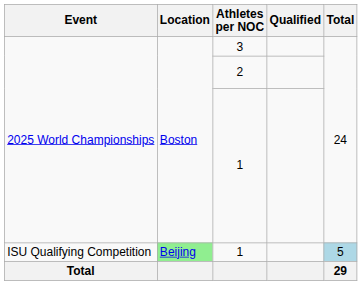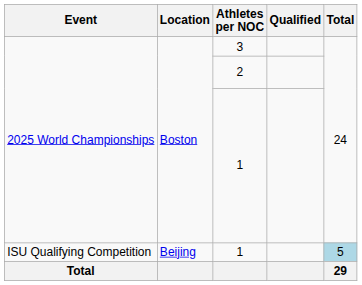 <table class="wikitable">
 <tr>
 <th>Event</th>
 <th>Location</th>
 <th>Athletes <br> per NOC</th>
 <th>Qualified</th>
 <th>Total</th>
 </tr>
 <tr>
 <td rowspan = 3><a href='#'>2025 World Championships</a></td>
 <td rowspan = 3> <a href='#'>Boston</a></td>
 <td align=center>3</td>
 <td><br></td>
 <td rowspan = 3 align=center>24</td>
 </tr>
 <tr>
 <td align=center>2</td>
 <td><br><br></td>
 </tr>
 <tr>
 <td align=center>1</td>
 <td><br><br><br><br><br><br><br><br><br><br><br></td>
 </tr>
 <tr>
 <td>ISU Qualifying Competition</td>
-<td style="background: lightgreen;"> <a href='#'>Beijing</a></td>
+<td> <a href='#'>Beijing</a></td>
 <td align=center>1</td>
 <td></td>
 <td align=center style="background: lightblue;">5</td>
 </tr>
 <tr>
 <th>Total</th>
 <th></th>
 <th></th>
 <th></th>
 <th>29</th>
 </tr>
 </table>
